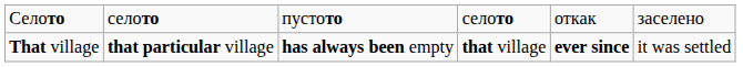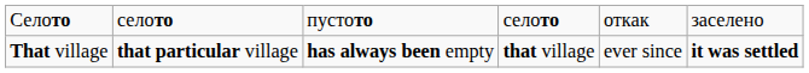 <table class="wikitable">
 <tr>
 <td>Село<strong>то</strong></td>
 <td>село<strong>то</strong></td>
 <td>пусто<strong>то</strong></td>
 <td>село<strong>то</strong></td>
 <td>откак</td>
 <td>заселено</td>
 </tr>
 <tr>
 <td><strong>That</strong> village</td>
 <td><strong>that particular</strong> village</td>
 <td><strong>has always been</strong> empty</td>
 <td><strong>that</strong> village</td>
-<td><strong>ever since</strong></td>
-<td>it was settled</td>
+<td>ever since</td>
+<td><strong>it was settled</strong></td>
 </tr>
 </table>
